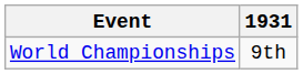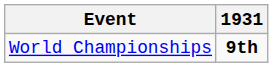 <table class="wikitable">
 <tr>
 <th>Event</th>
 <th>1931</th>
 </tr>
 <tr>
 <td><a href='#'>World Championships</a></td>
-<td align="center">9th</td>
+<td align="center"><strong>9th</strong></td>
 </tr>
 </table>
